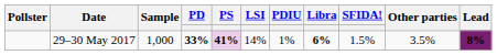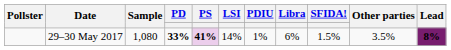 <table class=wikitable style=text-align:center;font-size:90%;>
 <tr>
 <th rowspan="2">Pollster</th>
 <th rowspan="2">Date</th>
 <th rowspan="2">Sample</th>
 <th><a href='#'>PD</a></th>
 <th><a href='#'>PS</a></th>
 <th><a href='#'>LSI</a></th>
 <th><a href='#'>PDIU</a></th>
 <th><a href='#'>Libra</a></th>
 <th><a href='#'>SFIDA!</a></th>
 <th rowspan="2">Other parties</th>
 <th rowspan="2">Lead</th>
 </tr>
 <tr>
 <th style="background:"></th>
 <th style="background:"></th>
 <th style="background:"></th>
 <th style="background:"></th>
 <th style="background:"></th>
 <th style="background:"></th>
 </tr>
 <tr>
 <td></td>
 <td>29–30 May 2017</td>
-<td>1,000</td>
+<td>1,080</td>
 <td><strong>33%</strong></td>
 <td bgcolor="#ECCEEC"><strong>41%</strong></td>
 <td>14%</td>
 <td>1%</td>
-<td><strong>6%</strong></td>
+<td>6%</td>
 <td>1.5%</td>
 <td>3.5%</td>
 <td bgcolor="#781D6F"><span><strong>8%</strong> </span></td>
 </tr>
 </table>
